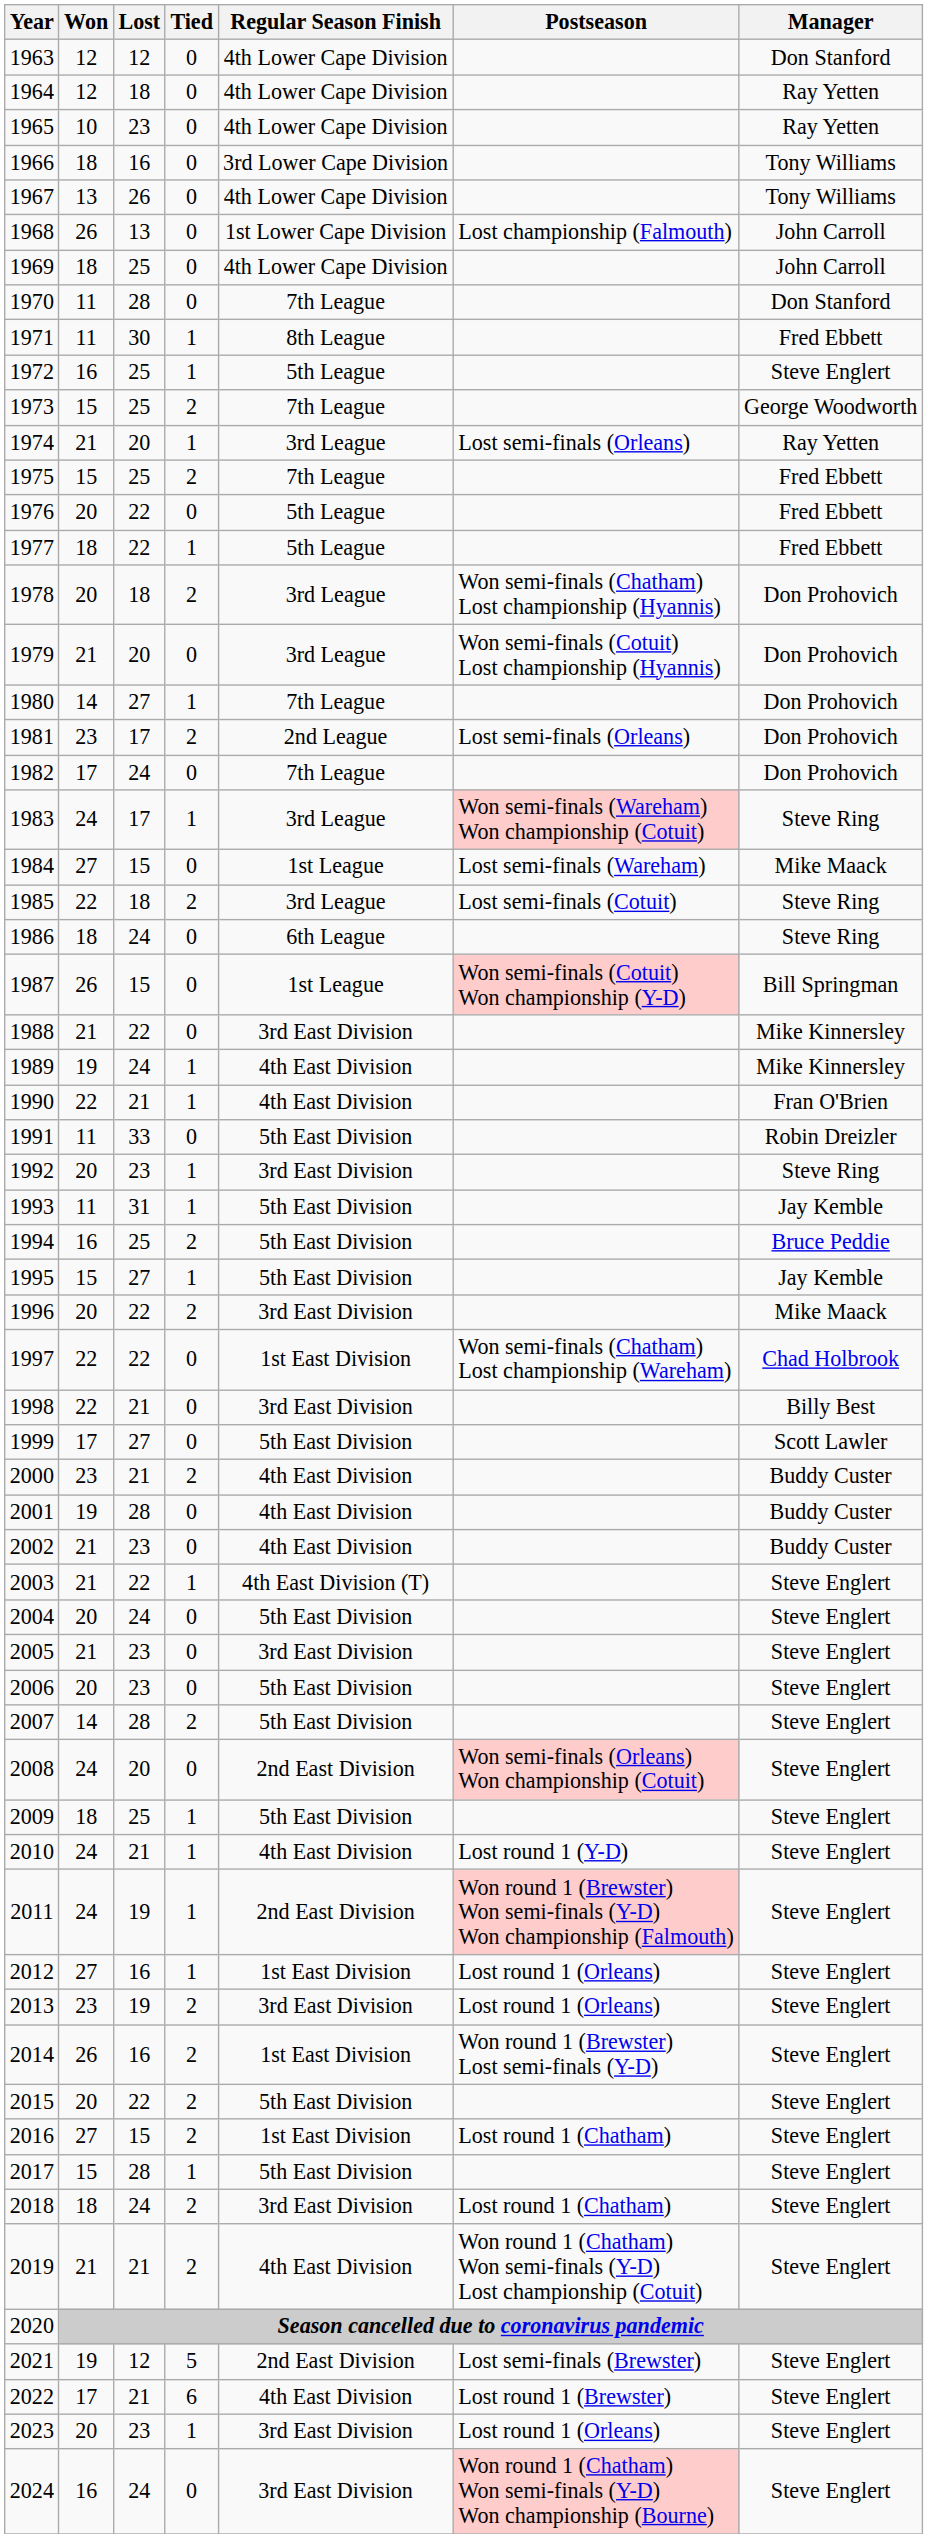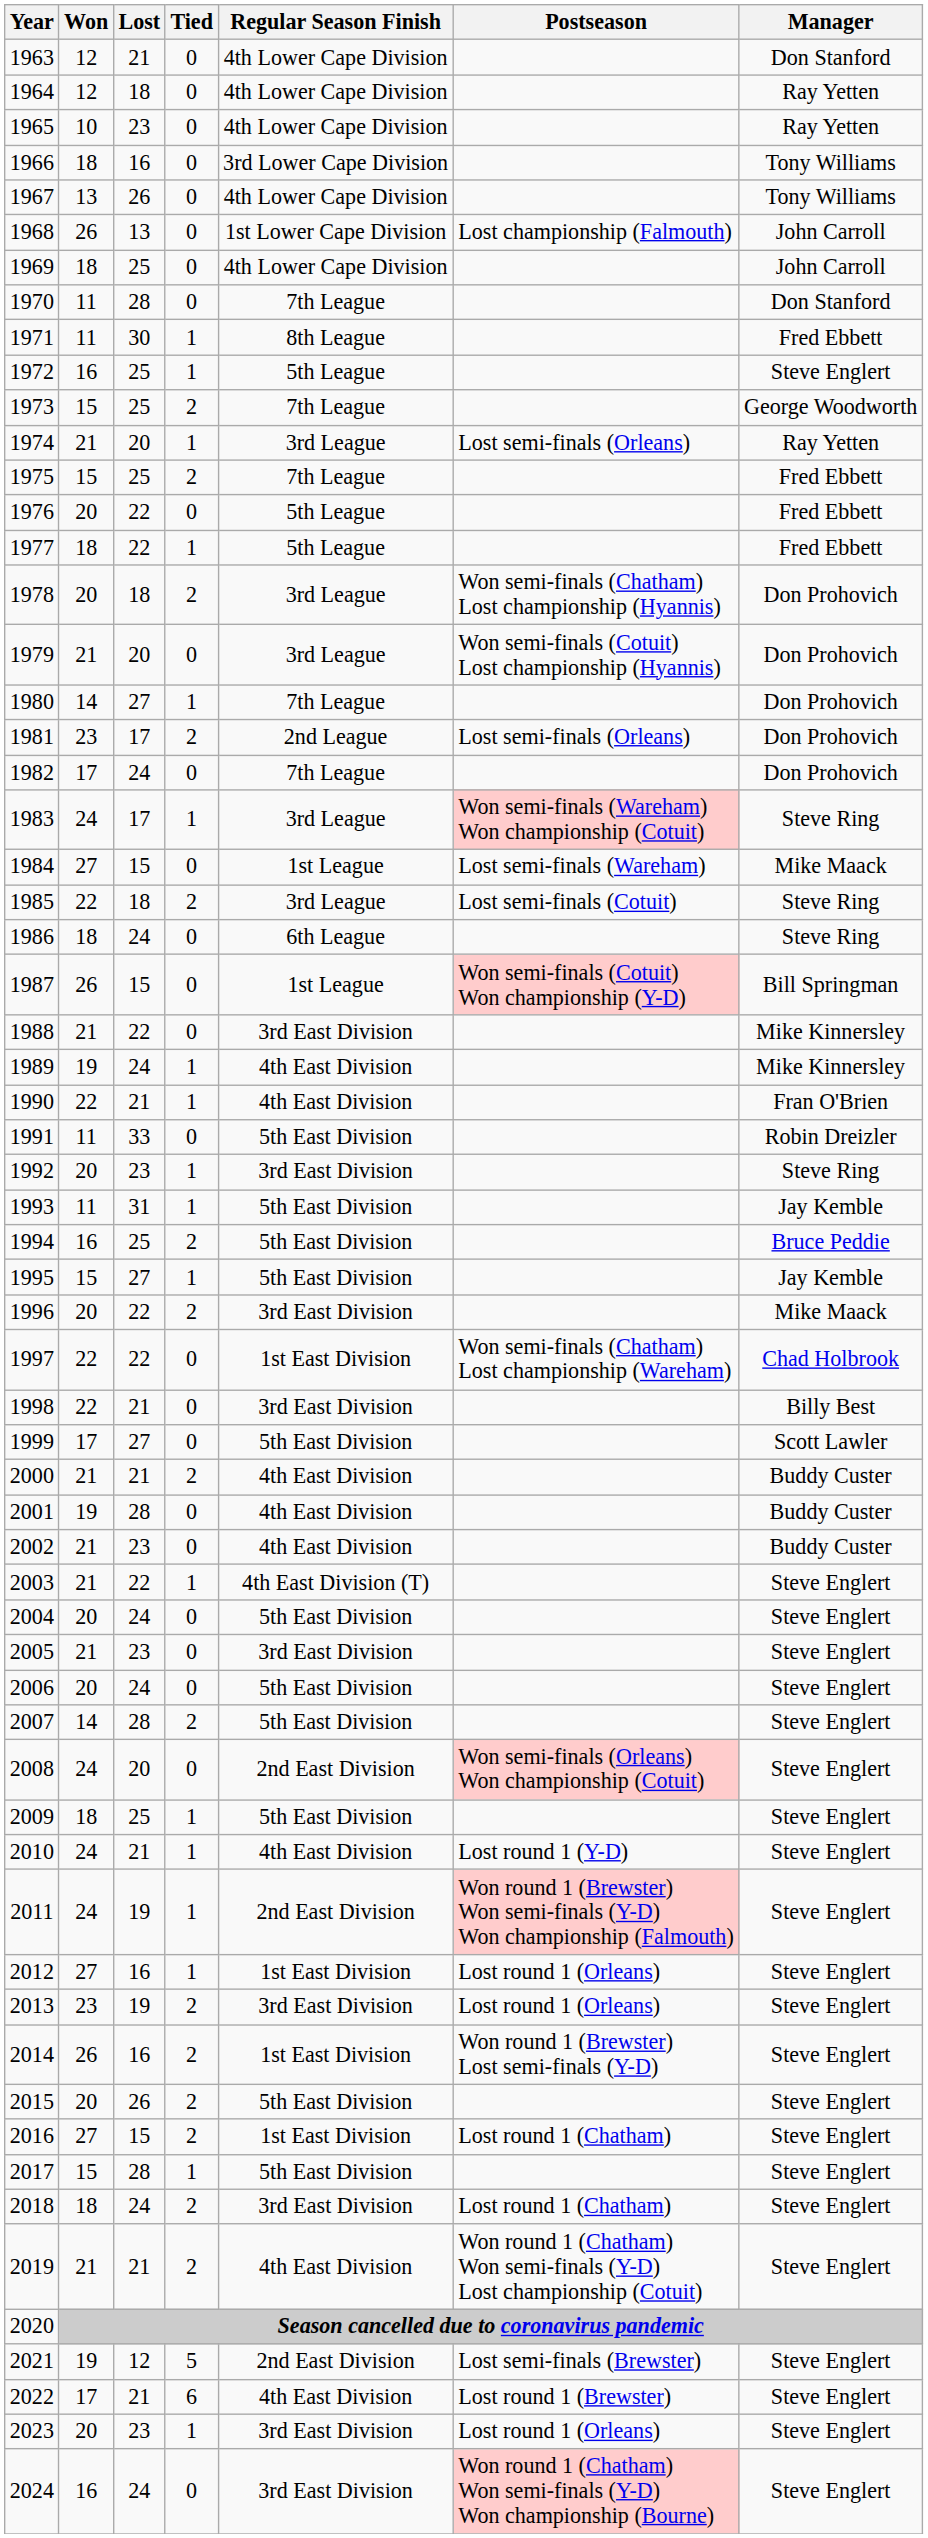 <table class="wikitable" style="text-align:center">
 <tr>
 <th>Year</th>
 <th>Won</th>
 <th>Lost</th>
 <th>Tied</th>
 <th>Regular Season Finish</th>
 <th>Postseason</th>
 <th>Manager</th>
 </tr>
 <tr>
 <td>1963</td>
 <td>12</td>
-<td>12</td>
+<td>21</td>
 <td>0</td>
 <td>4th Lower Cape Division</td>
 <td></td>
 <td>Don Stanford</td>
 </tr>
 <tr>
 <td>1964</td>
 <td>12</td>
 <td>18</td>
 <td>0</td>
 <td>4th Lower Cape Division</td>
 <td></td>
 <td>Ray Yetten</td>
 </tr>
 <tr>
 <td>1965</td>
 <td>10</td>
 <td>23</td>
 <td>0</td>
 <td>4th Lower Cape Division</td>
 <td></td>
 <td>Ray Yetten</td>
 </tr>
 <tr>
 <td>1966</td>
 <td>18</td>
 <td>16</td>
 <td>0</td>
 <td>3rd Lower Cape Division</td>
 <td></td>
 <td>Tony Williams</td>
 </tr>
 <tr>
 <td>1967</td>
 <td>13</td>
 <td>26</td>
 <td>0</td>
 <td>4th Lower Cape Division</td>
 <td></td>
 <td>Tony Williams</td>
 </tr>
 <tr>
 <td>1968</td>
 <td>26</td>
 <td>13</td>
 <td>0</td>
 <td>1st Lower Cape Division</td>
 <td style="text-align:left">Lost championship (<a href='#'>Falmouth</a>)</td>
 <td>John Carroll</td>
 </tr>
 <tr>
 <td>1969</td>
 <td>18</td>
 <td>25</td>
 <td>0</td>
 <td>4th Lower Cape Division</td>
 <td></td>
 <td>John Carroll</td>
 </tr>
 <tr>
 <td>1970</td>
 <td>11</td>
 <td>28</td>
 <td>0</td>
 <td>7th League</td>
 <td></td>
 <td>Don Stanford</td>
 </tr>
 <tr>
 <td>1971</td>
 <td>11</td>
 <td>30</td>
 <td>1</td>
 <td>8th League</td>
 <td></td>
 <td>Fred Ebbett</td>
 </tr>
 <tr>
 <td>1972</td>
 <td>16</td>
 <td>25</td>
 <td>1</td>
 <td>5th League</td>
 <td></td>
 <td>Steve Englert</td>
 </tr>
 <tr>
 <td>1973</td>
 <td>15</td>
 <td>25</td>
 <td>2</td>
 <td>7th League</td>
 <td></td>
 <td>George Woodworth</td>
 </tr>
 <tr>
 <td>1974</td>
 <td>21</td>
 <td>20</td>
 <td>1</td>
 <td>3rd League</td>
 <td style="text-align:left">Lost semi-finals (<a href='#'>Orleans</a>)</td>
 <td>Ray Yetten</td>
 </tr>
 <tr>
 <td>1975</td>
 <td>15</td>
 <td>25</td>
 <td>2</td>
 <td>7th League</td>
 <td></td>
 <td>Fred Ebbett</td>
 </tr>
 <tr>
 <td>1976</td>
 <td>20</td>
 <td>22</td>
 <td>0</td>
 <td>5th League</td>
 <td></td>
 <td>Fred Ebbett</td>
 </tr>
 <tr>
 <td>1977</td>
 <td>18</td>
 <td>22</td>
 <td>1</td>
 <td>5th League</td>
 <td></td>
 <td>Fred Ebbett</td>
 </tr>
 <tr>
 <td>1978</td>
 <td>20</td>
 <td>18</td>
 <td>2</td>
 <td>3rd League</td>
 <td style="text-align:left">Won semi-finals (<a href='#'>Chatham</a>)<br>Lost championship (<a href='#'>Hyannis</a>)</td>
 <td>Don Prohovich</td>
 </tr>
 <tr>
 <td>1979</td>
 <td>21</td>
 <td>20</td>
 <td>0</td>
 <td>3rd League</td>
 <td style="text-align:left">Won semi-finals (<a href='#'>Cotuit</a>)<br>Lost championship (<a href='#'>Hyannis</a>)</td>
 <td>Don Prohovich</td>
 </tr>
 <tr>
 <td>1980</td>
 <td>14</td>
 <td>27</td>
 <td>1</td>
 <td>7th League</td>
 <td></td>
 <td>Don Prohovich</td>
 </tr>
 <tr>
 <td>1981</td>
 <td>23</td>
 <td>17</td>
 <td>2</td>
 <td>2nd League</td>
 <td style="text-align:left">Lost semi-finals (<a href='#'>Orleans</a>)</td>
 <td>Don Prohovich</td>
 </tr>
 <tr>
 <td>1982</td>
 <td>17</td>
 <td>24</td>
 <td>0</td>
 <td>7th League</td>
 <td></td>
 <td>Don Prohovich</td>
 </tr>
 <tr>
 <td>1983</td>
 <td>24</td>
 <td>17</td>
 <td>1</td>
 <td>3rd League</td>
 <td style="text-align:left" bgcolor=#ffcccc>Won semi-finals (<a href='#'>Wareham</a>)<br>Won championship (<a href='#'>Cotuit</a>)</td>
 <td>Steve Ring</td>
 </tr>
 <tr>
 <td>1984</td>
 <td>27</td>
 <td>15</td>
 <td>0</td>
 <td>1st League</td>
 <td style="text-align:left">Lost semi-finals (<a href='#'>Wareham</a>)</td>
 <td>Mike Maack</td>
 </tr>
 <tr>
 <td>1985</td>
 <td>22</td>
 <td>18</td>
 <td>2</td>
 <td>3rd League</td>
 <td style="text-align:left">Lost semi-finals (<a href='#'>Cotuit</a>)</td>
 <td>Steve Ring</td>
 </tr>
 <tr>
 <td>1986</td>
 <td>18</td>
 <td>24</td>
 <td>0</td>
 <td>6th League</td>
 <td></td>
 <td>Steve Ring</td>
 </tr>
 <tr>
 <td>1987</td>
 <td>26</td>
 <td>15</td>
 <td>0</td>
 <td>1st League</td>
 <td style="text-align:left" bgcolor=#ffcccc>Won semi-finals (<a href='#'>Cotuit</a>)<br>Won championship (<a href='#'>Y-D</a>)</td>
 <td>Bill Springman</td>
 </tr>
 <tr>
 <td>1988</td>
 <td>21</td>
 <td>22</td>
 <td>0</td>
 <td>3rd East Division</td>
 <td></td>
 <td>Mike Kinnersley</td>
 </tr>
 <tr>
 <td>1989</td>
 <td>19</td>
 <td>24</td>
 <td>1</td>
 <td>4th East Division</td>
 <td></td>
 <td>Mike Kinnersley</td>
 </tr>
 <tr>
 <td>1990</td>
 <td>22</td>
 <td>21</td>
 <td>1</td>
 <td>4th East Division</td>
 <td></td>
 <td>Fran O'Brien</td>
 </tr>
 <tr>
 <td>1991</td>
 <td>11</td>
 <td>33</td>
 <td>0</td>
 <td>5th East Division</td>
 <td></td>
 <td>Robin Dreizler</td>
 </tr>
 <tr>
 <td>1992</td>
 <td>20</td>
 <td>23</td>
 <td>1</td>
 <td>3rd East Division</td>
 <td></td>
 <td>Steve Ring</td>
 </tr>
 <tr>
 <td>1993</td>
 <td>11</td>
 <td>31</td>
 <td>1</td>
 <td>5th East Division</td>
 <td></td>
 <td>Jay Kemble</td>
 </tr>
 <tr>
 <td>1994</td>
 <td>16</td>
 <td>25</td>
 <td>2</td>
 <td>5th East Division</td>
 <td></td>
 <td><a href='#'>Bruce Peddie</a></td>
 </tr>
 <tr>
 <td>1995</td>
 <td>15</td>
 <td>27</td>
 <td>1</td>
 <td>5th East Division</td>
 <td></td>
 <td>Jay Kemble</td>
 </tr>
 <tr>
 <td>1996</td>
 <td>20</td>
 <td>22</td>
 <td>2</td>
 <td>3rd East Division</td>
 <td></td>
 <td>Mike Maack</td>
 </tr>
 <tr>
 <td>1997</td>
 <td>22</td>
 <td>22</td>
 <td>0</td>
 <td>1st East Division</td>
 <td style="text-align:left">Won semi-finals (<a href='#'>Chatham</a>)<br>Lost championship (<a href='#'>Wareham</a>)</td>
 <td><a href='#'>Chad Holbrook</a></td>
 </tr>
 <tr>
 <td>1998</td>
 <td>22</td>
 <td>21</td>
 <td>0</td>
 <td>3rd East Division</td>
 <td></td>
 <td>Billy Best</td>
 </tr>
 <tr>
 <td>1999</td>
 <td>17</td>
 <td>27</td>
 <td>0</td>
 <td>5th East Division</td>
 <td></td>
 <td>Scott Lawler</td>
 </tr>
 <tr>
 <td>2000</td>
-<td>23</td>
+<td>21</td>
 <td>21</td>
 <td>2</td>
 <td>4th East Division</td>
 <td></td>
 <td>Buddy Custer</td>
 </tr>
 <tr>
 <td>2001</td>
 <td>19</td>
 <td>28</td>
 <td>0</td>
 <td>4th East Division</td>
 <td></td>
 <td>Buddy Custer</td>
 </tr>
 <tr>
 <td>2002</td>
 <td>21</td>
 <td>23</td>
 <td>0</td>
 <td>4th East Division</td>
 <td></td>
 <td>Buddy Custer</td>
 </tr>
 <tr>
 <td>2003</td>
 <td>21</td>
 <td>22</td>
 <td>1</td>
 <td>4th East Division (T)</td>
 <td></td>
 <td>Steve Englert</td>
 </tr>
 <tr>
 <td>2004</td>
 <td>20</td>
 <td>24</td>
 <td>0</td>
 <td>5th East Division</td>
 <td></td>
 <td>Steve Englert</td>
 </tr>
 <tr>
 <td>2005</td>
 <td>21</td>
 <td>23</td>
 <td>0</td>
 <td>3rd East Division</td>
 <td></td>
 <td>Steve Englert</td>
 </tr>
 <tr>
 <td>2006</td>
 <td>20</td>
-<td>23</td>
+<td>24</td>
 <td>0</td>
 <td>5th East Division</td>
 <td></td>
 <td>Steve Englert</td>
 </tr>
 <tr>
 <td>2007</td>
 <td>14</td>
 <td>28</td>
 <td>2</td>
 <td>5th East Division</td>
 <td></td>
 <td>Steve Englert</td>
 </tr>
 <tr>
 <td>2008</td>
 <td>24</td>
 <td>20</td>
 <td>0</td>
 <td>2nd East Division</td>
 <td style="text-align:left" bgcolor=#ffcccc>Won semi-finals (<a href='#'>Orleans</a>)<br>Won championship (<a href='#'>Cotuit</a>)</td>
 <td>Steve Englert</td>
 </tr>
 <tr>
 <td>2009</td>
 <td>18</td>
 <td>25</td>
 <td>1</td>
 <td>5th East Division</td>
 <td></td>
 <td>Steve Englert</td>
 </tr>
 <tr>
 <td>2010</td>
 <td>24</td>
 <td>21</td>
 <td>1</td>
 <td>4th East Division</td>
 <td style="text-align:left">Lost round 1 (<a href='#'>Y-D</a>)</td>
 <td>Steve Englert</td>
 </tr>
 <tr>
 <td>2011</td>
 <td>24</td>
 <td>19</td>
 <td>1</td>
 <td>2nd East Division</td>
 <td style="text-align:left" bgcolor=#ffcccc>Won round 1 (<a href='#'>Brewster</a>)<br>Won semi-finals (<a href='#'>Y-D</a>)<br>Won championship (<a href='#'>Falmouth</a>)</td>
 <td>Steve Englert</td>
 </tr>
 <tr>
 <td>2012</td>
 <td>27</td>
 <td>16</td>
 <td>1</td>
 <td>1st East Division</td>
 <td style="text-align:left">Lost round 1 (<a href='#'>Orleans</a>)</td>
 <td>Steve Englert</td>
 </tr>
 <tr>
 <td>2013</td>
 <td>23</td>
 <td>19</td>
 <td>2</td>
 <td>3rd East Division</td>
 <td style="text-align:left">Lost round 1 (<a href='#'>Orleans</a>)</td>
 <td>Steve Englert</td>
 </tr>
 <tr>
 <td>2014</td>
 <td>26</td>
 <td>16</td>
 <td>2</td>
 <td>1st East Division</td>
 <td style="text-align:left">Won round 1 (<a href='#'>Brewster</a>)<br>Lost semi-finals (<a href='#'>Y-D</a>)</td>
 <td>Steve Englert</td>
 </tr>
 <tr>
 <td>2015</td>
 <td>20</td>
-<td>22</td>
+<td>26</td>
 <td>2</td>
 <td>5th East Division</td>
 <td></td>
 <td>Steve Englert</td>
 </tr>
 <tr>
 <td>2016</td>
 <td>27</td>
 <td>15</td>
 <td>2</td>
 <td>1st East Division</td>
 <td style="text-align:left">Lost round 1 (<a href='#'>Chatham</a>)</td>
 <td>Steve Englert</td>
 </tr>
 <tr>
 <td>2017</td>
 <td>15</td>
 <td>28</td>
 <td>1</td>
 <td>5th East Division</td>
 <td></td>
 <td>Steve Englert</td>
 </tr>
 <tr>
 <td>2018</td>
 <td>18</td>
 <td>24</td>
 <td>2</td>
 <td>3rd East Division</td>
 <td style="text-align:left">Lost round 1 (<a href='#'>Chatham</a>)</td>
 <td>Steve Englert</td>
 </tr>
 <tr>
 <td>2019</td>
 <td>21</td>
 <td>21</td>
 <td>2</td>
 <td>4th East Division</td>
 <td style="text-align:left">Won round 1 (<a href='#'>Chatham</a>)<br>Won semi-finals (<a href='#'>Y-D</a>)<br>Lost championship (<a href='#'>Cotuit</a>)</td>
 <td>Steve Englert</td>
 </tr>
 <tr>
 <td>2020</td>
 <td colspan="6" align="center" bgcolor=#cccccc><strong><em>Season cancelled due to <a href='#'>coronavirus pandemic</a></em></strong></td>
 </tr>
 <tr>
 <td>2021</td>
 <td>19</td>
 <td>12</td>
 <td>5</td>
 <td>2nd East Division</td>
 <td style="text-align:left">Lost semi-finals (<a href='#'>Brewster</a>)</td>
 <td>Steve Englert</td>
 </tr>
 <tr>
 <td>2022</td>
 <td>17</td>
 <td>21</td>
 <td>6</td>
 <td>4th East Division</td>
 <td style="text-align:left">Lost round 1 (<a href='#'>Brewster</a>)</td>
 <td>Steve Englert</td>
 </tr>
 <tr>
 <td>2023</td>
 <td>20</td>
 <td>23</td>
 <td>1</td>
 <td>3rd East Division</td>
 <td style="text-align:left">Lost round 1 (<a href='#'>Orleans</a>)</td>
 <td>Steve Englert</td>
 </tr>
 <tr>
 <td>2024</td>
 <td>16</td>
 <td>24</td>
 <td>0</td>
 <td>3rd East Division</td>
 <td style="text-align:left" bgcolor=#ffcccc>Won round 1 (<a href='#'>Chatham</a>)<br>Won semi-finals (<a href='#'>Y-D</a>)<br>Won championship (<a href='#'>Bourne</a>)</td>
 <td>Steve Englert</td>
 </tr>
 <tr>
 </tr>
 </table>
